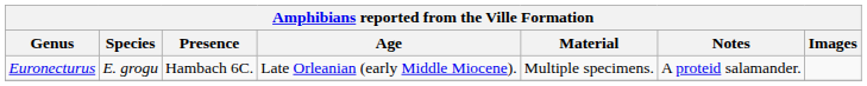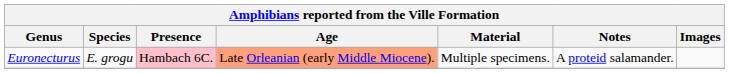 <table class="wikitable" align="center">
 <tr>
 <th colspan="7" align="center"><strong><a href='#'>Amphibians</a> reported from the Ville Formation</strong></th>
 </tr>
 <tr>
 <th>Genus</th>
 <th>Species</th>
 <th>Presence</th>
 <th><strong>Age</strong></th>
 <th><strong>Material</strong></th>
 <th>Notes</th>
 <th>Images</th>
 </tr>
 <tr>
 <td><em><a href='#'>Euronecturus</a></em></td>
 <td><em>E. grogu</em></td>
-<td>Hambach 6C.</td>
-<td>Late <a href='#'>Orleanian</a> (early <a href='#'>Middle Miocene</a>).</td>
+<td style="background: pink;">Hambach 6C.</td>
+<td style="background: lightsalmon;">Late <a href='#'>Orleanian</a> (early <a href='#'>Middle Miocene</a>).</td>
 <td>Multiple specimens.</td>
 <td>A <a href='#'>proteid</a> salamander.</td>
 <td></td>
 </tr>
 <tr>
 </tr>
 </table>
